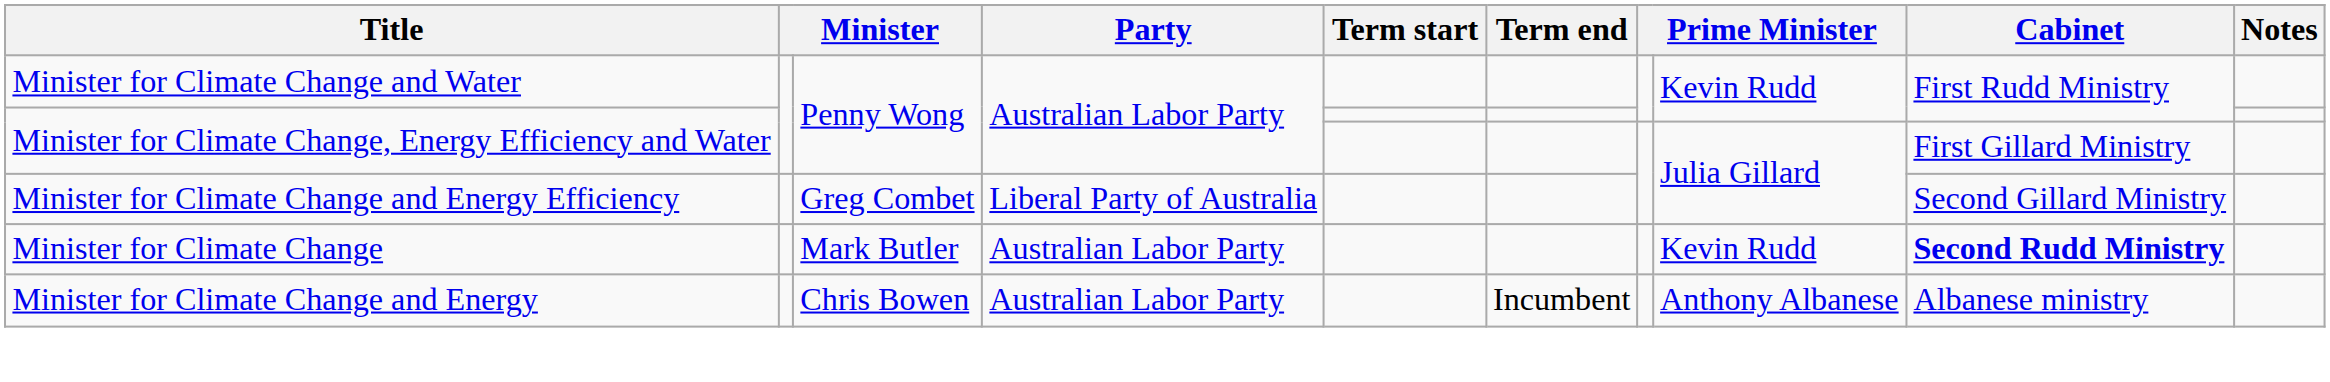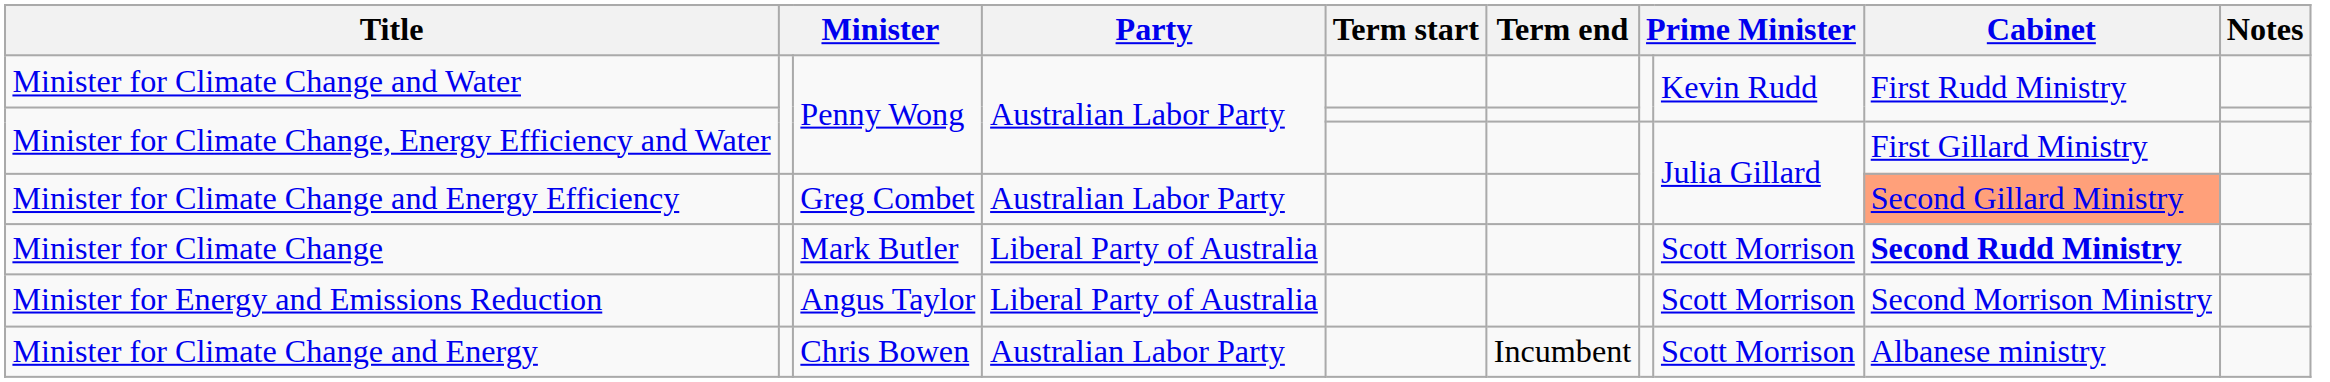 <table class="wikitable sortable">
 <tr>
 <th>Title</th>
 <th colspan=2><a href='#'>Minister</a></th>
 <th><a href='#'>Party</a></th>
 <th>Term start</th>
 <th>Term end</th>
 <th colspan=2><a href='#'>Prime Minister</a></th>
 <th><a href='#'>Cabinet</a></th>
 <th class="unsortable">Notes</th>
 </tr>
 <tr>
 <td><a href='#'>Minister for Climate Change and Water</a></td>
 <td rowspan=3 bgcolor=></td>
 <td rowspan=3><a href='#'>Penny Wong</a></td>
 <td rowspan=3><a href='#'>Australian Labor Party</a></td>
 <td></td>
 <td></td>
 <td rowspan=2 bgcolor=></td>
 <td rowspan=2><a href='#'>Kevin Rudd</a></td>
 <td rowspan=2><a href='#'>First Rudd Ministry</a></td>
 <td></td>
 </tr>
 <tr>
 <td rowspan=2><a href='#'>Minister for Climate Change, Energy Efficiency and Water</a></td>
 <td></td>
 <td></td>
 <td></td>
 </tr>
 <tr>
 <td></td>
 <td></td>
 <td rowspan=2 bgcolor=></td>
 <td rowspan=2><a href='#'>Julia Gillard</a></td>
 <td><a href='#'>First Gillard Ministry</a></td>
 <td></td>
 </tr>
 <tr>
 <td><a href='#'>Minister for Climate Change and Energy Efficiency</a></td>
 <td style="color:inherit;background:"></td>
 <td><a href='#'>Greg Combet</a></td>
-<td><a href='#'>Liberal Party of Australia</a></td>
+<td><a href='#'>Australian Labor Party</a></td>
 <td></td>
 <td></td>
-<td><a href='#'>Second Gillard Ministry</a></td>
+<td style="background: lightsalmon;"><a href='#'>Second Gillard Ministry</a></td>
 <td></td>
 </tr>
 <tr>
 <td><a href='#'>Minister for Climate Change</a></td>
 <td style="color:inherit;background:"></td>
 <td><a href='#'>Mark Butler</a></td>
-<td><a href='#'>Australian Labor Party</a></td>
+<td><a href='#'>Liberal Party of Australia</a></td>
 <td></td>
 <td></td>
 <td style="color:inherit;background:"></td>
-<td><a href='#'>Kevin Rudd</a></td>
+<td><a href='#'>Scott Morrison</a></td>
 <td><strong><a href='#'>Second Rudd Ministry</a></strong></td>
+<td></td>
+</tr>
+<tr>
+<td><a href='#'>Minister for Energy and Emissions Reduction</a></td>
+<td style="color:inherit;background:"></td>
+<td><a href='#'>Angus Taylor</a></td>
+<td><a href='#'>Liberal Party of Australia</a></td>
+<td></td>
+<td></td>
+<td style="color:inherit;background:"></td>
+<td><a href='#'>Scott Morrison</a></td>
+<td><a href='#'>Second Morrison Ministry</a></td>
 <td></td>
 </tr>
 <tr>
 <td><a href='#'>Minister for Climate Change and Energy</a></td>
 <td style="color:inherit;background:"></td>
 <td><a href='#'>Chris Bowen</a></td>
 <td><a href='#'>Australian Labor Party</a></td>
 <td></td>
 <td>Incumbent</td>
 <td style="color:inherit;background:"></td>
-<td><a href='#'>Anthony Albanese</a></td>
+<td><a href='#'>Scott Morrison</a></td>
 <td><a href='#'>Albanese ministry</a></td>
 <td></td>
 </tr>
 </table>
